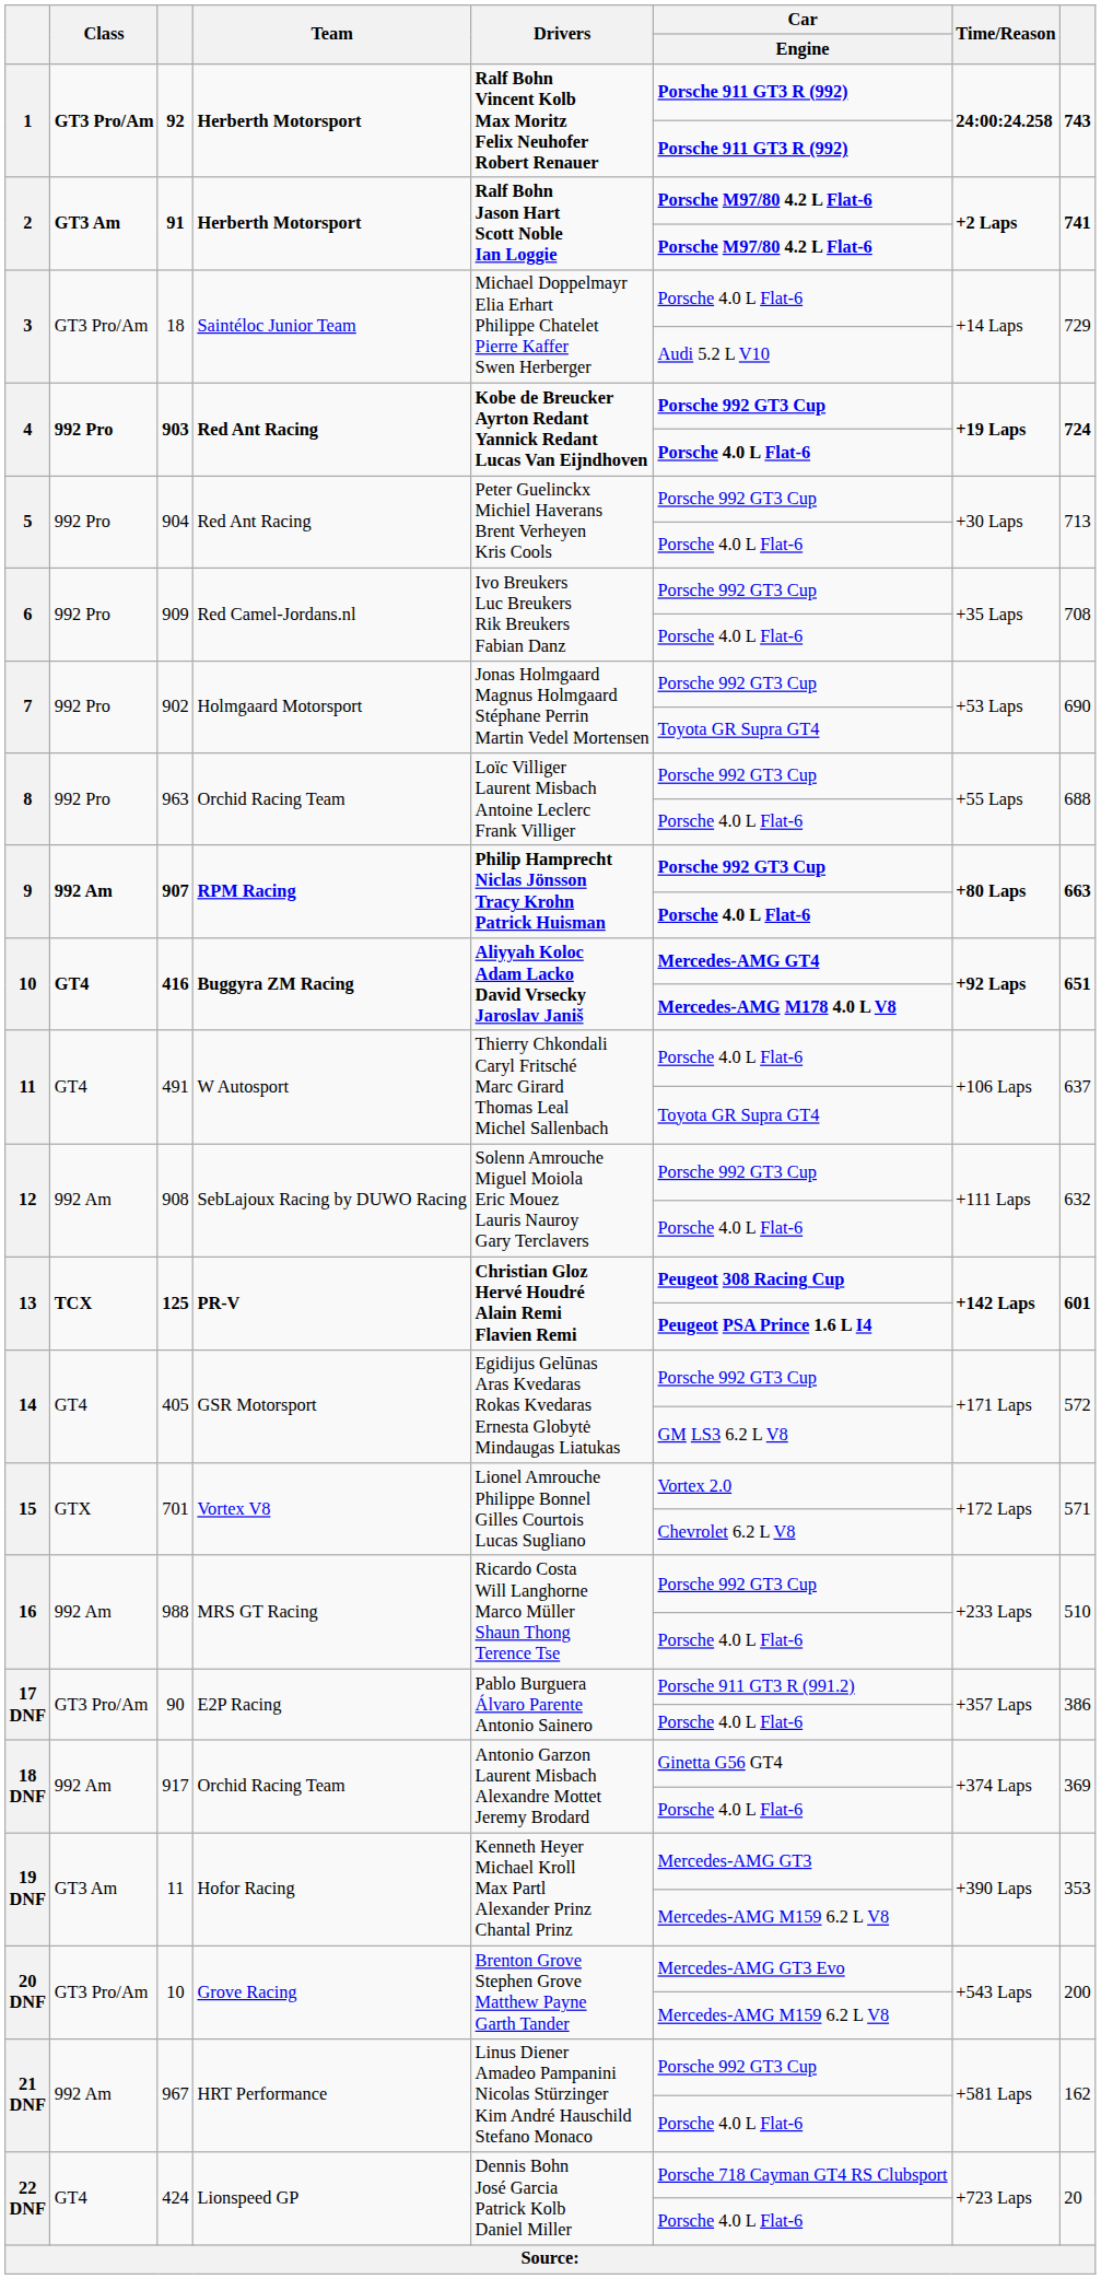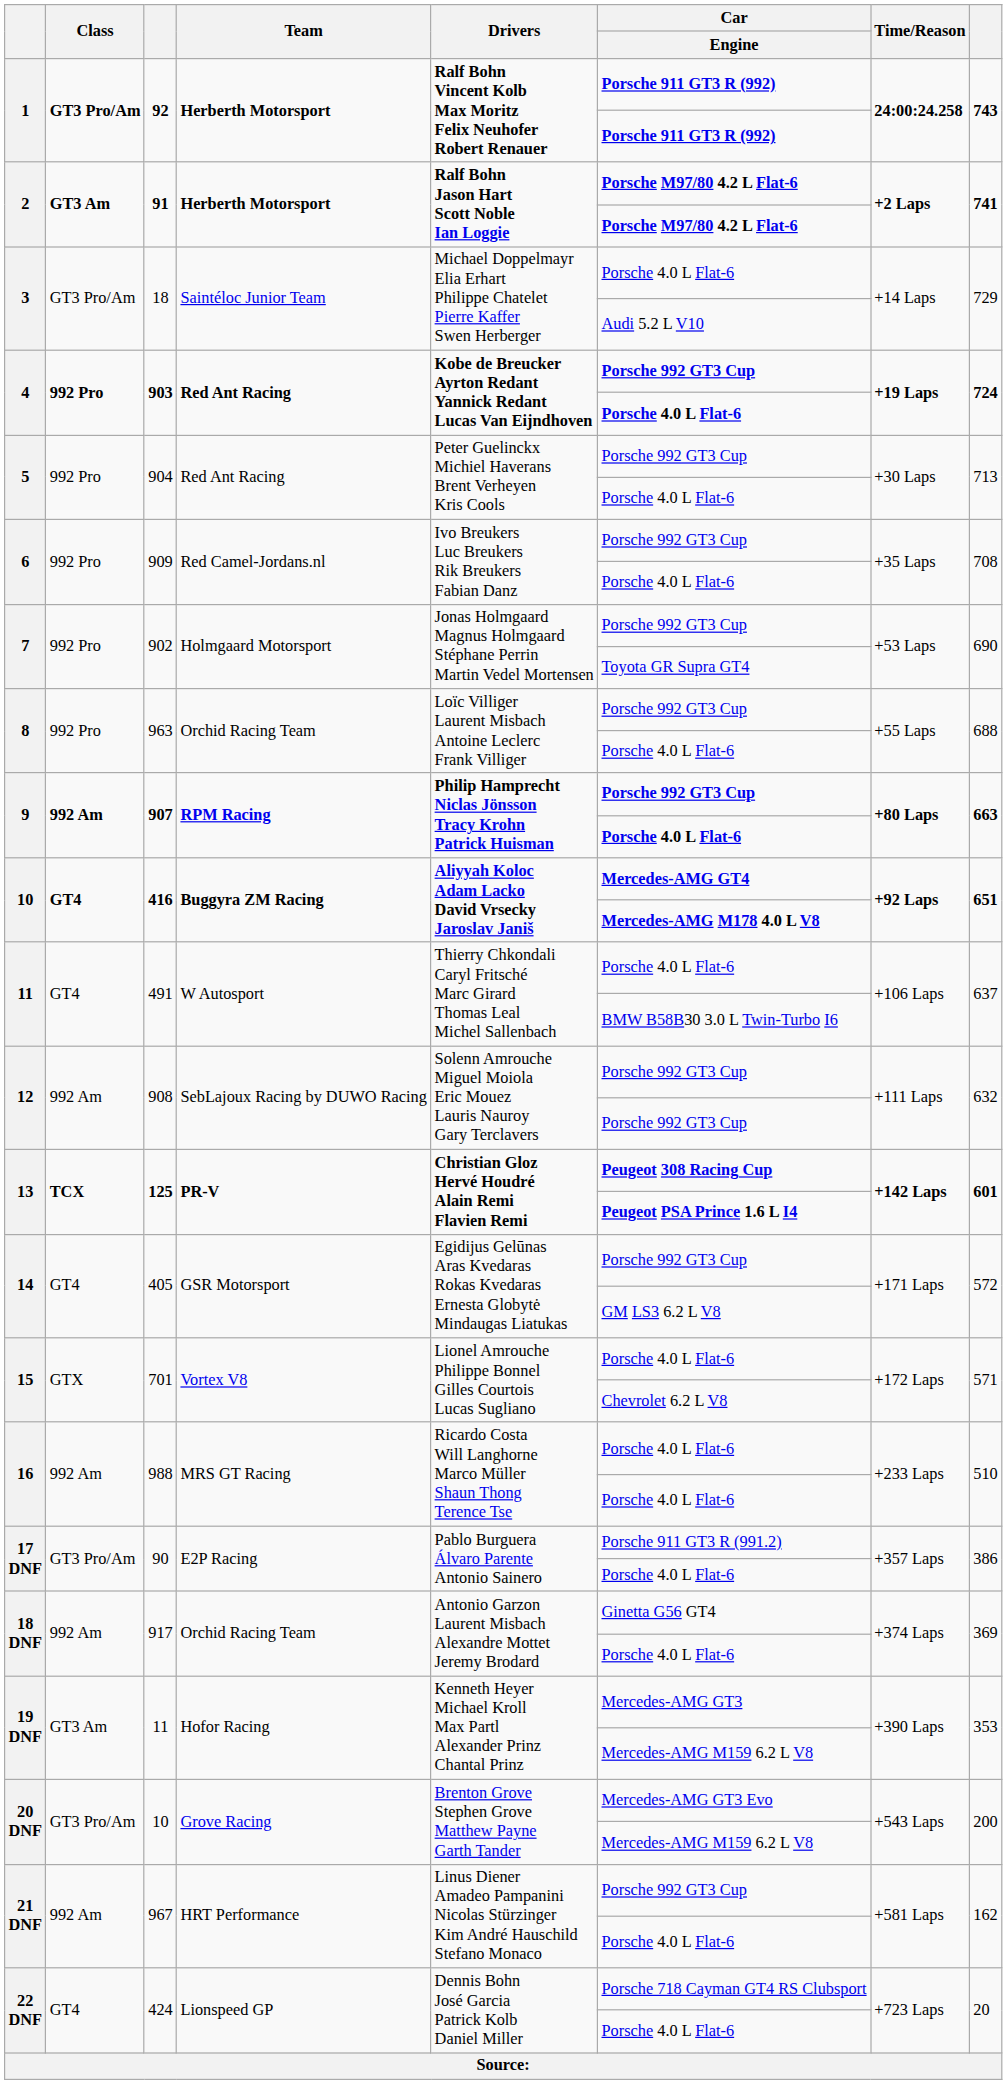 <table class="wikitable" style="font-size:85%;">
 <tr>
 <th rowspan=2></th>
 <th rowspan=2>Class</th>
 <th rowspan=2></th>
 <th rowspan=2>Team</th>
 <th rowspan=2>Drivers</th>
 <th>Car</th>
 <th rowspan=2>Time/Reason</th>
 <th rowspan=2></th>
 </tr>
 <tr>
 <th>Engine</th>
 </tr>
 <tr>
 <th rowspan=2>1</th>
 <td rowspan=2><strong>GT3 Pro/Am</strong></td>
 <td rowspan=2 align=center><strong>92</strong></td>
 <td rowspan=2><strong> Herberth Motorsport</strong></td>
 <td rowspan=2><strong> Ralf Bohn<br> Vincent Kolb<br> Max Moritz<br> Felix Neuhofer<br> Robert Renauer</strong></td>
 <td><a href='#'><strong>Porsche 911 GT3 R (992)</strong></a></td>
 <td rowspan=2><strong>24:00:24.258</strong></td>
 <td rowspan=2><strong>743</strong></td>
 </tr>
 <tr>
 <td><a href='#'><strong>Porsche 911 GT3 R (992)</strong></a></td>
 </tr>
 <tr>
 <th rowspan=2>2</th>
 <td rowspan=2><strong>GT3 Am</strong></td>
 <td rowspan=2 align=center><strong>91</strong></td>
 <td rowspan=2><strong> Herberth Motorsport</strong></td>
 <td rowspan=2><strong> Ralf Bohn<br> Jason Hart<br> Scott Noble</strong><br><strong> <a href='#'>Ian Loggie</a></strong></td>
 <td><strong><a href='#'>Porsche</a> <a href='#'>M97/80</a> 4.2 L <a href='#'>Flat-6</a></strong></td>
 <td rowspan=2><strong>+2 Laps</strong></td>
 <td rowspan=2><strong>741</strong></td>
 </tr>
 <tr>
 <td><strong><a href='#'>Porsche</a> <a href='#'>M97/80</a> 4.2 L <a href='#'>Flat-6</a></strong></td>
 </tr>
 <tr>
 <th rowspan=2>3</th>
 <td rowspan=2>GT3 Pro/Am</td>
 <td rowspan=2 align=center>18</td>
 <td rowspan=2> <a href='#'>Saintéloc Junior Team</a></td>
 <td rowspan=2> Michael Doppelmayr<br> Elia Erhart<br> Philippe Chatelet<br> <a href='#'>Pierre Kaffer</a><br> Swen Herberger</td>
 <td><a href='#'>Porsche</a> 4.0 L <a href='#'>Flat-6</a></td>
 <td rowspan=2>+14 Laps</td>
 <td rowspan=2>729</td>
 </tr>
 <tr>
 <td><a href='#'>Audi</a> 5.2 L <a href='#'>V10</a></td>
 </tr>
 <tr>
 <th rowspan=2>4</th>
 <td rowspan=2><strong>992 Pro</strong></td>
 <td rowspan=2 align=center><strong>903</strong></td>
 <td rowspan=2><strong> Red Ant Racing</strong></td>
 <td rowspan=2><strong> Kobe de Breucker<br> Ayrton Redant<br> Yannick Redant</strong><br><strong> Lucas Van Eijndhoven</strong></td>
 <td><a href='#'><strong>Porsche 992 GT3 Cup</strong></a></td>
 <td rowspan=2><strong>+19 Laps</strong></td>
 <td rowspan=2><strong>724</strong></td>
 </tr>
 <tr>
 <td><strong><a href='#'>Porsche</a> 4.0 L <a href='#'>Flat-6</a></strong></td>
 </tr>
 <tr>
 <th rowspan=2>5</th>
 <td rowspan=2>992 Pro</td>
 <td rowspan=2 align=center>904</td>
 <td rowspan=2> Red Ant Racing</td>
 <td rowspan=2> Peter Guelinckx<br> Michiel Haverans<br> Brent Verheyen<br> Kris Cools</td>
 <td><a href='#'>Porsche 992 GT3 Cup</a></td>
 <td rowspan=2>+30 Laps</td>
 <td rowspan=2>713</td>
 </tr>
 <tr>
 <td><a href='#'>Porsche</a> 4.0 L <a href='#'>Flat-6</a></td>
 </tr>
 <tr>
 <th rowspan=2>6</th>
 <td rowspan=2>992 Pro</td>
 <td rowspan=2 align=center>909</td>
 <td rowspan=2> Red Camel-Jordans.nl</td>
 <td rowspan=2> Ivo Breukers<br> Luc Breukers<br> Rik Breukers<br> Fabian Danz</td>
 <td><a href='#'>Porsche 992 GT3 Cup</a></td>
 <td rowspan=2>+35 Laps</td>
 <td rowspan=2>708</td>
 </tr>
 <tr>
 <td><a href='#'>Porsche</a> 4.0 L <a href='#'>Flat-6</a></td>
 </tr>
 <tr>
 <th rowspan=2>7</th>
 <td rowspan=2>992 Pro</td>
 <td rowspan=2 align=center>902</td>
 <td rowspan=2> Holmgaard Motorsport</td>
 <td rowspan=2> Jonas Holmgaard<br> Magnus Holmgaard<br> Stéphane Perrin<br> Martin Vedel Mortensen</td>
 <td><a href='#'>Porsche 992 GT3 Cup</a></td>
 <td rowspan=2>+53 Laps</td>
 <td rowspan=2>690</td>
 </tr>
 <tr>
 <td><a href='#'>Toyota GR Supra GT4</a></td>
 </tr>
 <tr>
 <th rowspan=2>8</th>
 <td rowspan=2>992 Pro</td>
 <td rowspan=2 align=center>963</td>
 <td rowspan=2> Orchid Racing Team</td>
 <td rowspan=2> Loïc Villiger<br> Laurent Misbach<br> Antoine Leclerc<br> Frank Villiger</td>
 <td><a href='#'>Porsche 992 GT3 Cup</a></td>
 <td rowspan=2>+55 Laps</td>
 <td rowspan=2>688</td>
 </tr>
 <tr>
 <td><a href='#'>Porsche</a> 4.0 L <a href='#'>Flat-6</a></td>
 </tr>
 <tr>
 <th rowspan=2>9</th>
 <td rowspan=2><strong>992 Am</strong></td>
 <td rowspan=2 align=center><strong>907</strong></td>
 <td rowspan=2><strong> <a href='#'>RPM Racing</a></strong></td>
 <td rowspan=2><strong> Philip Hamprecht<br> <a href='#'>Niclas Jönsson</a><br> <a href='#'>Tracy Krohn</a></strong><br><strong> <a href='#'>Patrick Huisman</a></strong></td>
 <td><a href='#'><strong>Porsche 992 GT3 Cup</strong></a></td>
 <td rowspan=2><strong>+80 Laps</strong></td>
 <td rowspan=2><strong>663</strong></td>
 </tr>
 <tr>
 <td><strong><a href='#'>Porsche</a> 4.0 L <a href='#'>Flat-6</a></strong></td>
 </tr>
 <tr>
 <th rowspan=2>10</th>
 <td rowspan=2><strong>GT4</strong></td>
 <td rowspan=2 align=center><strong>416</strong></td>
 <td rowspan=2><strong> Buggyra ZM Racing</strong></td>
 <td rowspan=2><strong> <a href='#'>Aliyyah Koloc</a><br> <a href='#'>Adam Lacko</a><br> David Vrsecky</strong><br><strong> <a href='#'>Jaroslav Janiš</a></strong></td>
 <td><a href='#'><strong>Mercedes-AMG GT4</strong></a></td>
 <td rowspan=2><strong>+92 Laps</strong></td>
 <td rowspan=2><strong>651</strong></td>
 </tr>
 <tr>
 <td><strong><a href='#'>Mercedes-AMG</a> <a href='#'>M178</a> 4.0 L <a href='#'>V8</a></strong></td>
 </tr>
 <tr>
 <th rowspan=2>11</th>
 <td rowspan=2>GT4</td>
 <td rowspan=2 align=center>491</td>
 <td rowspan=2> W Autosport</td>
 <td rowspan=2> Thierry Chkondali<br> Caryl Fritsché<br> Marc Girard<br> Thomas Leal<br> Michel Sallenbach</td>
 <td><a href='#'>Porsche</a> 4.0 L <a href='#'>Flat-6</a></td>
 <td rowspan=2>+106 Laps</td>
 <td rowspan=2>637</td>
 </tr>
 <tr>
-<td><a href='#'>Toyota GR Supra GT4</a></td>
+<td><a href='#'>BMW B58B</a>30 3.0 L <a href='#'>Twin-Turbo</a> <a href='#'>I6</a></td>
 </tr>
 <tr>
 <th rowspan=2>12</th>
 <td rowspan=2>992 Am</td>
 <td rowspan=2 align=center>908</td>
 <td rowspan=2> SebLajoux Racing by DUWO Racing</td>
 <td rowspan=2> Solenn Amrouche<br> Miguel Moiola<br> Eric Mouez<br> Lauris Nauroy<br> Gary Terclavers</td>
 <td><a href='#'>Porsche 992 GT3 Cup</a></td>
 <td rowspan=2>+111 Laps</td>
 <td rowspan=2>632</td>
 </tr>
 <tr>
-<td><a href='#'>Porsche</a> 4.0 L <a href='#'>Flat-6</a></td>
+<td><a href='#'>Porsche 992 GT3 Cup</a></td>
 </tr>
 <tr>
 <th rowspan=2>13</th>
 <td rowspan=2><strong>TCX</strong></td>
 <td rowspan=2 align=center><strong>125</strong></td>
 <td rowspan=2><strong> PR-V</strong></td>
 <td rowspan=2><strong> Christian Gloz<br> Hervé Houdré<br> Alain Remi<br> Flavien Remi</strong></td>
 <td><strong><a href='#'>Peugeot</a> <a href='#'>308 Racing Cup</a></strong></td>
 <td rowspan=2><strong>+142 Laps</strong></td>
 <td rowspan=2><strong>601</strong></td>
 </tr>
 <tr>
 <td><strong><a href='#'>Peugeot</a> <a href='#'>PSA Prince</a> 1.6 L <a href='#'>I4</a></strong></td>
 </tr>
 <tr>
 <th rowspan=2>14</th>
 <td rowspan=2>GT4</td>
 <td rowspan=2 align=center>405</td>
 <td rowspan=2> GSR Motorsport</td>
 <td rowspan=2> Egidijus Gelūnas<br> Aras Kvedaras<br> Rokas Kvedaras<br> Ernesta Globytė<br> Mindaugas Liatukas</td>
 <td><a href='#'>Porsche 992 GT3 Cup</a></td>
 <td rowspan=2>+171 Laps</td>
 <td rowspan=2>572</td>
 </tr>
 <tr>
 <td><a href='#'>GM</a> <a href='#'>LS3</a> 6.2 L <a href='#'>V8</a></td>
 </tr>
 <tr>
 <th rowspan=2>15</th>
 <td rowspan=2>GTX</td>
 <td rowspan=2 align=center>701</td>
 <td rowspan=2> <a href='#'>Vortex V8</a></td>
 <td rowspan=2> Lionel Amrouche<br> Philippe Bonnel<br> Gilles Courtois<br> Lucas Sugliano</td>
-<td><a href='#'>Vortex 2.0</a></td>
+<td><a href='#'>Porsche</a> 4.0 L <a href='#'>Flat-6</a></td>
 <td rowspan=2>+172 Laps</td>
 <td rowspan=2>571</td>
 </tr>
 <tr>
 <td><a href='#'>Chevrolet</a> 6.2 L <a href='#'>V8</a></td>
 </tr>
 <tr>
 <th rowspan=2>16</th>
 <td rowspan=2>992 Am</td>
 <td rowspan=2 align=center>988</td>
 <td rowspan=2> MRS GT Racing</td>
 <td rowspan=2> Ricardo Costa<br> Will Langhorne<br> Marco Müller<br> <a href='#'>Shaun Thong</a><br> <a href='#'>Terence Tse</a></td>
-<td><a href='#'>Porsche 992 GT3 Cup</a></td>
+<td><a href='#'>Porsche</a> 4.0 L <a href='#'>Flat-6</a></td>
 <td rowspan=2>+233 Laps</td>
 <td rowspan=2>510</td>
 </tr>
 <tr>
 <td><a href='#'>Porsche</a> 4.0 L <a href='#'>Flat-6</a></td>
 </tr>
 <tr>
 <th rowspan=2>17<br>DNF</th>
 <td rowspan=2>GT3 Pro/Am</td>
 <td rowspan=2 align=center>90</td>
 <td rowspan=2> E2P Racing</td>
 <td rowspan=2> Pablo Burguera<br> <a href='#'>Álvaro Parente</a><br> Antonio Sainero</td>
 <td><a href='#'>Porsche 911 GT3 R (991.2)</a></td>
 <td rowspan=2>+357 Laps</td>
 <td rowspan=2>386</td>
 </tr>
 <tr>
 <td><a href='#'>Porsche</a> 4.0 L <a href='#'>Flat-6</a></td>
 </tr>
 <tr>
 <th rowspan=2>18<br>DNF</th>
 <td rowspan=2>992 Am</td>
 <td rowspan=2 align=center>917</td>
 <td rowspan=2> Orchid Racing Team</td>
 <td rowspan=2> Antonio Garzon<br> Laurent Misbach<br> Alexandre Mottet<br> Jeremy Brodard</td>
 <td><a href='#'>Ginetta G56</a> GT4</td>
 <td rowspan=2>+374 Laps</td>
 <td rowspan=2>369</td>
 </tr>
 <tr>
 <td><a href='#'>Porsche</a> 4.0 L <a href='#'>Flat-6</a></td>
 </tr>
 <tr>
 <th rowspan=2>19<br>DNF</th>
 <td rowspan=2>GT3 Am</td>
 <td rowspan=2 align=center>11</td>
 <td rowspan=2> Hofor Racing</td>
 <td rowspan=2> Kenneth Heyer<br> Michael Kroll<br> Max Partl<br> Alexander Prinz<br> Chantal Prinz</td>
 <td><a href='#'>Mercedes-AMG GT3</a></td>
 <td rowspan=2>+390 Laps</td>
 <td rowspan=2>353</td>
 </tr>
 <tr>
 <td><a href='#'>Mercedes-AMG M159</a> 6.2 L <a href='#'>V8</a></td>
 </tr>
 <tr>
 <th rowspan=2>20<br>DNF</th>
 <td rowspan=2>GT3 Pro/Am</td>
 <td rowspan=2 align=center>10</td>
 <td rowspan=2> <a href='#'>Grove Racing</a></td>
 <td rowspan=2> <a href='#'>Brenton Grove</a><br> Stephen Grove<br> <a href='#'>Matthew Payne</a><br> <a href='#'>Garth Tander</a></td>
 <td><a href='#'>Mercedes-AMG GT3 Evo</a></td>
 <td rowspan=2>+543 Laps</td>
 <td rowspan=2>200</td>
 </tr>
 <tr>
 <td><a href='#'>Mercedes-AMG M159</a> 6.2 L <a href='#'>V8</a></td>
 </tr>
 <tr>
 <th rowspan=2>21<br>DNF</th>
 <td rowspan=2>992 Am</td>
 <td rowspan=2 align=center>967</td>
 <td rowspan=2> HRT Performance</td>
 <td rowspan=2> Linus Diener<br> Amadeo Pampanini<br> Nicolas Stürzinger<br> Kim André Hauschild<br> Stefano Monaco</td>
 <td><a href='#'>Porsche 992 GT3 Cup</a></td>
 <td rowspan=2>+581 Laps</td>
 <td rowspan=2>162</td>
 </tr>
 <tr>
 <td><a href='#'>Porsche</a> 4.0 L <a href='#'>Flat-6</a></td>
 </tr>
 <tr>
 <th rowspan=2>22<br>DNF</th>
 <td rowspan=2>GT4</td>
 <td rowspan=2 align=center>424</td>
 <td rowspan=2> Lionspeed GP</td>
 <td rowspan=2> Dennis Bohn<br> José Garcia<br> Patrick Kolb<br> Daniel Miller</td>
 <td><a href='#'>Porsche 718 Cayman GT4 RS Clubsport</a></td>
 <td rowspan=2>+723 Laps</td>
 <td rowspan=2>20</td>
 </tr>
 <tr>
 <td><a href='#'>Porsche</a> 4.0 L <a href='#'>Flat-6</a></td>
 </tr>
 <tr>
 <th colspan="8">Source:</th>
 </tr>
 </table>
